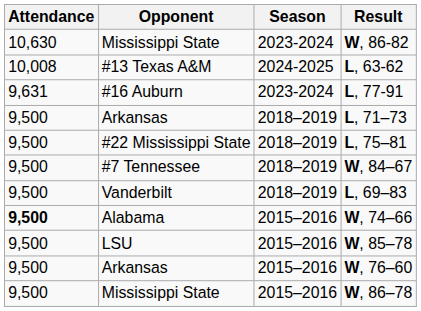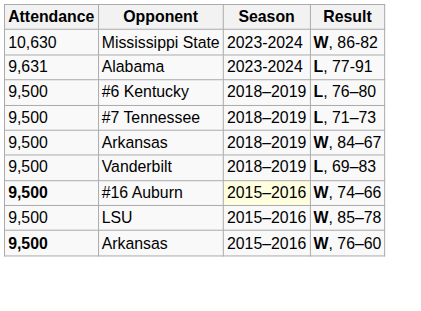 <table class="wikitable">
 <tr>
 <th>Attendance</th>
 <th>Opponent</th>
 <th>Season</th>
 <th>Result</th>
 </tr>
 <tr>
 <td>10,630</td>
 <td>Mississippi State</td>
 <td>2023-2024</td>
 <td><strong>W</strong>, 86-82</td>
 </tr>
 <tr>
-<td>10,008</td>
-<td>#13 Texas A&M</td>
-<td>2024-2025</td>
-<td><strong>L</strong>, 63-62</td>
-</tr>
-<tr>
 <td>9,631</td>
-<td>#16 Auburn</td>
+<td>Alabama</td>
 <td>2023-2024</td>
 <td><strong>L</strong>, 77-91</td>
 </tr>
 <tr>
 <td>9,500</td>
-<td>Arkansas</td>
+<td>#6 Kentucky</td>
+<td>2018–2019</td>
+<td><strong>L</strong>, 76–80</td>
+</tr>
+<tr>
+<td>9,500</td>
+<td>#7 Tennessee</td>
 <td>2018–2019</td>
 <td><strong>L</strong>, 71–73</td>
 </tr>
 <tr>
 <td>9,500</td>
-<td>#22 Mississippi State</td>
-<td>2018–2019</td>
-<td><strong>L</strong>, 75–81</td>
-</tr>
-<tr>
-<td>9,500</td>
-<td>#7 Tennessee</td>
+<td>Arkansas</td>
 <td>2018–2019</td>
 <td><strong>W</strong>, 84–67</td>
 </tr>
 <tr>
 <td>9,500</td>
 <td>Vanderbilt</td>
 <td>2018–2019</td>
 <td><strong>L</strong>, 69–83</td>
 </tr>
 <tr>
 <td><strong>9,500</strong></td>
-<td>Alabama</td>
-<td>2015–2016</td>
+<td>#16 Auburn</td>
+<td style="background: lightyellow;">2015–2016</td>
 <td><strong>W</strong>, 74–66</td>
 </tr>
 <tr>
 <td>9,500</td>
 <td>LSU</td>
 <td>2015–2016</td>
 <td><strong>W</strong>, 85–78</td>
 </tr>
 <tr>
-<td>9,500</td>
+<td><strong>9,500</strong></td>
 <td>Arkansas</td>
 <td>2015–2016</td>
 <td><strong>W</strong>, 76–60</td>
 </tr>
-<tr>
-<td>9,500</td>
-<td>Mississippi State</td>
-<td>2015–2016</td>
-<td><strong>W</strong>, 86–78</td>
-</tr>
 </table>
